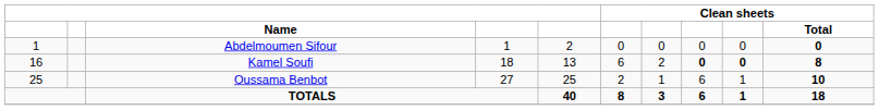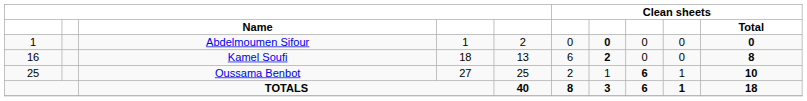 <table class="wikitable sortable alternance"  style="font-size:96%; text-align:center; line-height:14px; width:70%;">
 <tr>
 <th colspan="5" style="background:white; color:black; text-align:center;"></th>
 <th colspan="5" style="background:white; color:black; text-align:center;">Clean sheets</th>
 </tr>
 <tr>
 <th style="background:white; color:black; text-align:center;"></th>
 <th style="background:white; color:black; text-align:center;"></th>
 <th style="background:white; color:black; text-align:center;">Name</th>
 <th style="background:white; color:black; text-align:center;"></th>
 <th style="background:white; color:black; text-align:center;"></th>
 <th style="background:white; color:black; text-align:center;"></th>
 <th style="background:white; color:black; text-align:center;"></th>
 <th style="background:white; color:black; text-align:center;"></th>
 <th style="background:white; color:black; text-align:center;"></th>
 <th style="background:white; color:black; text-align:center;">Total</th>
 </tr>
 <tr>
 <td>1</td>
 <td></td>
 <td><a href='#'>Abdelmoumen Sifour</a></td>
 <td>1</td>
 <td>2</td>
 <td>0</td>
-<td>0</td>
+<td><strong>0</strong></td>
 <td>0</td>
 <td>0</td>
 <td><strong>0</strong></td>
 </tr>
 <tr>
 <td>16</td>
 <td></td>
 <td><a href='#'>Kamel Soufi</a></td>
 <td>18</td>
 <td>13</td>
 <td>6</td>
-<td>2</td>
-<td><strong>0</strong></td>
-<td><strong>0</strong></td>
+<td><strong>2</strong></td>
+<td>0</td>
+<td>0</td>
 <td><strong>8</strong></td>
 </tr>
 <tr>
 <td>25</td>
 <td></td>
 <td><a href='#'>Oussama Benbot</a></td>
 <td>27</td>
 <td>25</td>
 <td>2</td>
 <td>1</td>
-<td>6</td>
+<td><strong>6</strong></td>
 <td>1</td>
 <td><strong>10</strong></td>
 </tr>
 <tr>
 <td colspan="2"></td>
 <td colspan="2"><strong>TOTALS</strong></td>
 <td><strong>40</strong></td>
 <td><strong>8</strong></td>
 <td><strong>3</strong></td>
 <td><strong>6</strong></td>
 <td><strong>1</strong></td>
 <td><strong>18</strong></td>
 </tr>
 <tr>
 </tr>
 </table>
